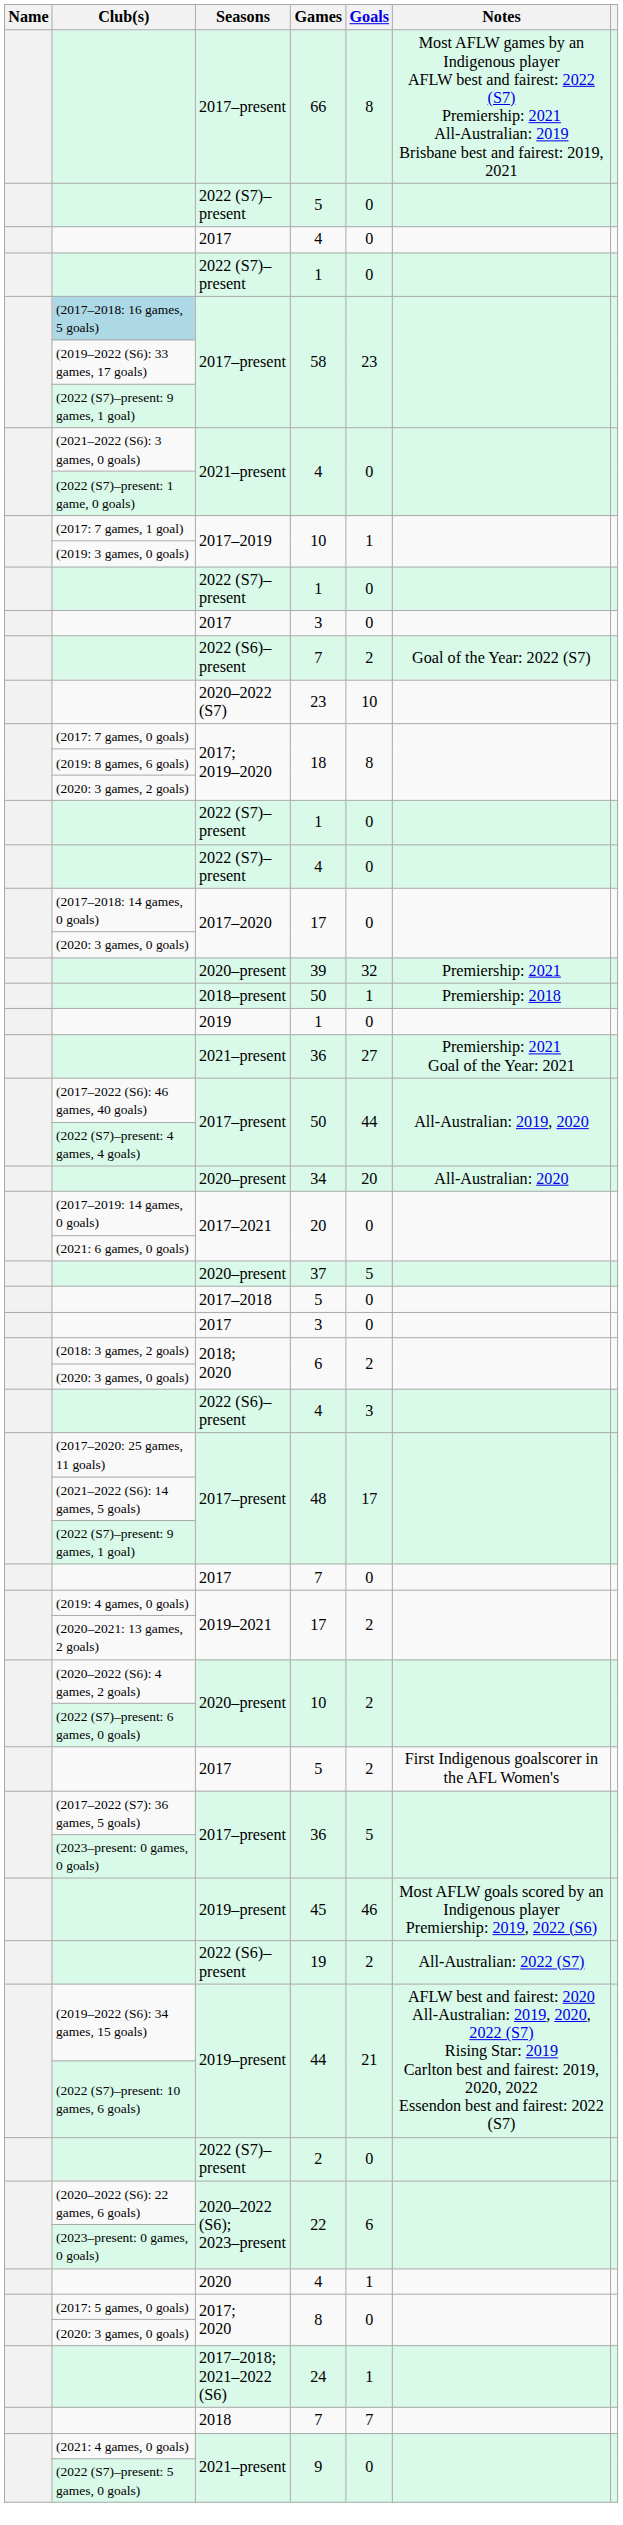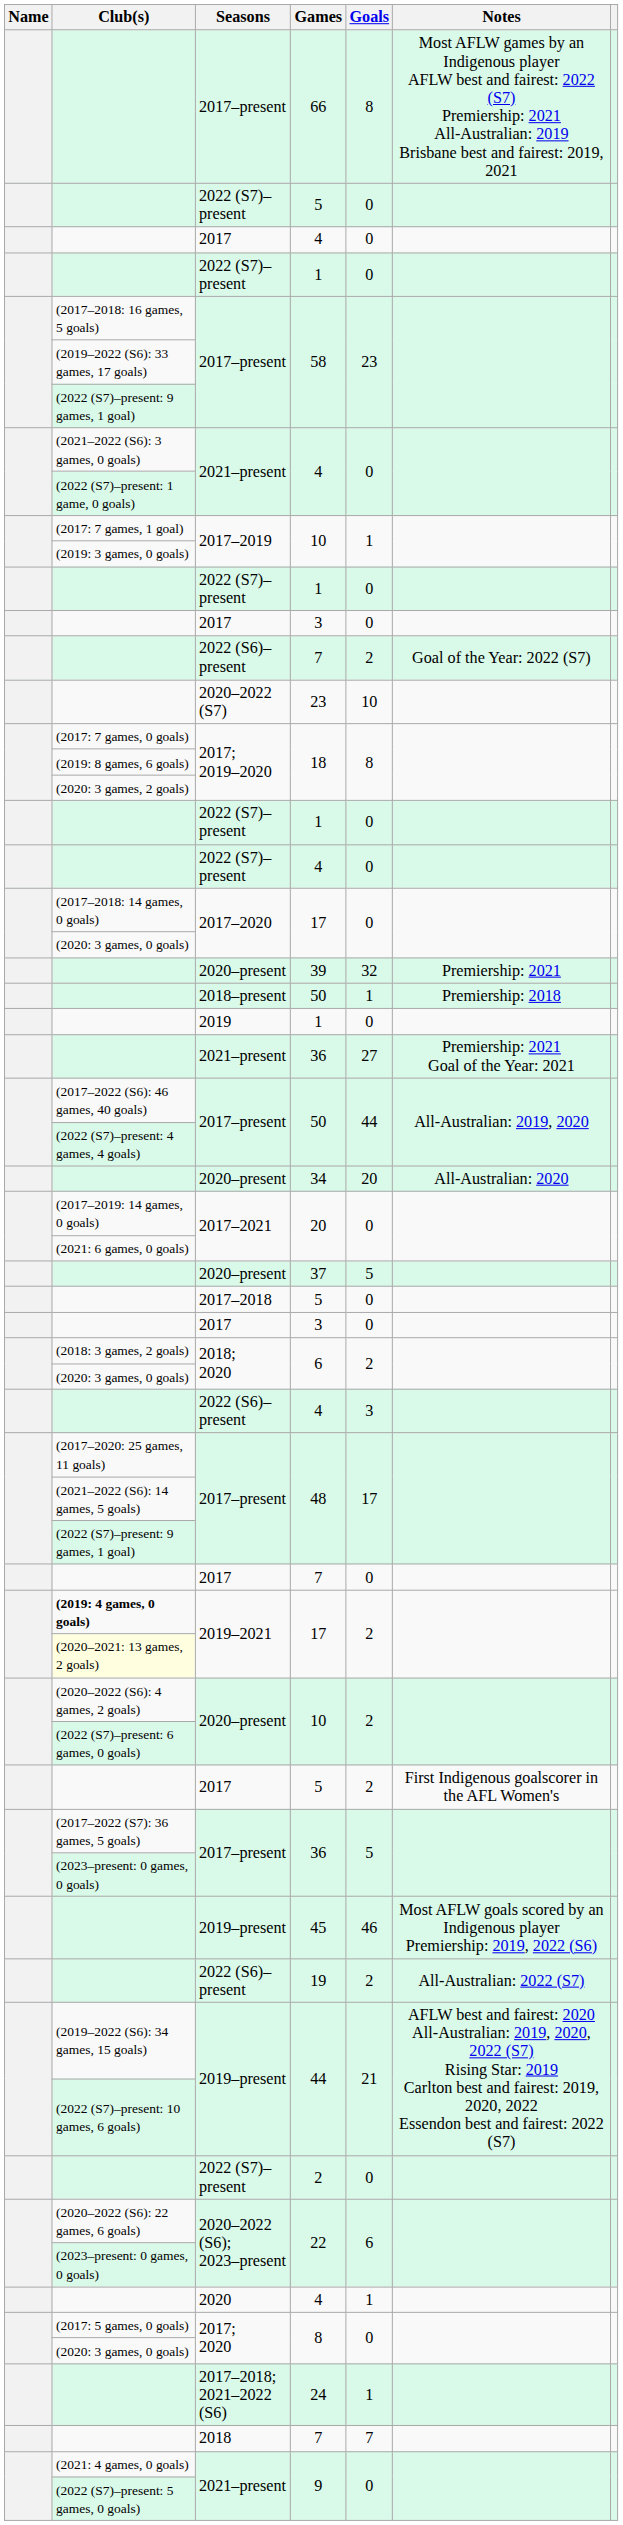 <table class="wikitable plainrowheaders sortable" style="text-align:center">
 <tr>
 <th scope="col">Name</th>
 <th scope="col">Club(s)</th>
 <th scope="col">Seasons</th>
 <th scope="col">Games</th>
 <th scope="col"><a href='#'>Goals</a></th>
 <th scope="col" class="unsortable">Notes</th>
 <th scope="col" class="unsortable"></th>
 </tr>
 <tr style="background:#D9F9E9;">
 <th scope="row"></th>
 <td align=left></td>
 <td align=left>2017–present</td>
 <td>66</td>
 <td>8</td>
 <td>Most AFLW games by an Indigenous player<br>AFLW best and fairest: <a href='#'>2022 (S7)</a><br>Premiership: <a href='#'>2021</a><br>All-Australian: <a href='#'>2019</a><br>Brisbane best and fairest: 2019, 2021</td>
 <td></td>
 </tr>
 <tr style="background:#D9F9E9;">
 <th scope="row"></th>
 <td align=left></td>
 <td align=left>2022 (S7)–present</td>
 <td>5</td>
 <td>0</td>
 <td></td>
 <td></td>
 </tr>
 <tr>
 <th scope="row"></th>
 <td align=left></td>
 <td align=left>2017</td>
 <td>4</td>
 <td>0</td>
 <td></td>
 <td></td>
 </tr>
 <tr style="background:#D9F9E9;">
 <th scope="row"></th>
 <td align=left></td>
 <td align=left>2022 (S7)–present</td>
 <td>1</td>
 <td>0</td>
 <td></td>
 <td></td>
 </tr>
 <tr>
 <th scope="row" rowspan="3"></th>
-<td align=left style="background: lightblue;"> <small>(2017–2018: 16 games, 5 goals)</small></td>
+<td align=left> <small>(2017–2018: 16 games, 5 goals)</small></td>
 <td style="background:#D9F9E9;" align=left rowspan="3">2017–present</td>
 <td style="background:#D9F9E9;" rowspan="3">58</td>
 <td style="background:#D9F9E9;" rowspan="3">23</td>
 <td style="background:#D9F9E9;" rowspan="3"></td>
 <td style="background:#D9F9E9;" rowspan="3"></td>
 </tr>
 <tr>
 <td align=left> <small>(2019–2022 (S6): 33 games, 17 goals)</small></td>
 </tr>
 <tr>
 <td style="background:#D9F9E9;" align=left> <small>(2022 (S7)–present: 9 games, 1 goal)</small></td>
 </tr>
 <tr>
 <th scope="row" rowspan="2"></th>
 <td align=left> <small>(2021–2022 (S6): 3 games, 0 goals)</small></td>
 <td style="background:#D9F9E9;" align=left rowspan="2">2021–present</td>
 <td style="background:#D9F9E9;" rowspan="2">4</td>
 <td style="background:#D9F9E9;" rowspan="2">0</td>
 <td style="background:#D9F9E9;" rowspan="2"></td>
 <td style="background:#D9F9E9;" rowspan="2"></td>
 </tr>
 <tr>
 <td style="background:#D9F9E9;" align=left> <small>(2022 (S7)–present: 1 game, 0 goals)</small></td>
 </tr>
 <tr>
 <th scope="row" rowspan="2"></th>
 <td align=left> <small>(2017: 7 games, 1 goal)</small></td>
 <td align=left rowspan="2">2017–2019</td>
 <td rowspan="2">10</td>
 <td rowspan="2">1</td>
 <td rowspan="2"></td>
 <td rowspan="2"></td>
 </tr>
 <tr>
 <td align=left> <small>(2019: 3 games, 0 goals)</small></td>
 </tr>
 <tr style="background:#D9F9E9;">
 <th scope="row"></th>
 <td align=left></td>
 <td align=left>2022 (S7)–present</td>
 <td>1</td>
 <td>0</td>
 <td></td>
 <td></td>
 </tr>
 <tr>
 <th scope="row"></th>
 <td align=left></td>
 <td align=left>2017</td>
 <td>3</td>
 <td>0</td>
 <td></td>
 <td></td>
 </tr>
 <tr style="background:#D9F9E9;">
 <th scope="row"></th>
 <td align=left></td>
 <td align=left>2022 (S6)–present</td>
 <td>7</td>
 <td>2</td>
 <td>Goal of the Year: 2022 (S7)</td>
 <td></td>
 </tr>
 <tr>
 <th scope="row"></th>
 <td align=left></td>
 <td align=left>2020–2022 (S7)</td>
 <td>23</td>
 <td>10</td>
 <td></td>
 <td></td>
 </tr>
 <tr>
 <th scope="row" rowspan="3"></th>
 <td align=left> <small>(2017: 7 games, 0 goals)</small></td>
 <td align=left rowspan="3">2017;<br>2019–2020</td>
 <td rowspan="3">18</td>
 <td rowspan="3">8</td>
 <td rowspan="3"></td>
 <td rowspan="3"></td>
 </tr>
 <tr>
 <td align=left> <small>(2019: 8 games, 6 goals)</small></td>
 </tr>
 <tr>
 <td align=left> <small>(2020: 3 games, 2 goals)</small></td>
 </tr>
 <tr style="background:#D9F9E9;">
 <th scope="row"></th>
 <td align=left></td>
 <td align=left>2022 (S7)–present</td>
 <td>1</td>
 <td>0</td>
 <td></td>
 <td></td>
 </tr>
 <tr style="background:#D9F9E9;">
 <th scope="row"></th>
 <td align=left></td>
 <td align=left>2022 (S7)–present</td>
 <td>4</td>
 <td>0</td>
 <td></td>
 <td></td>
 </tr>
 <tr>
 <th scope="row" rowspan="2"></th>
 <td align=left> <small>(2017–2018: 14 games, 0 goals)</small></td>
 <td align=left rowspan="2">2017–2020</td>
 <td rowspan="2">17</td>
 <td rowspan="2">0</td>
 <td rowspan="2"></td>
 <td rowspan="2"></td>
 </tr>
 <tr>
 <td align=left> <small>(2020: 3 games, 0 goals)</small></td>
 </tr>
 <tr style="background:#D9F9E9;">
 <th scope="row"></th>
 <td align=left></td>
 <td align=left>2020–present</td>
 <td>39</td>
 <td>32</td>
 <td>Premiership: <a href='#'>2021</a></td>
 <td></td>
 </tr>
 <tr style="background:#D9F9E9;">
 <th scope="row"></th>
 <td align=left></td>
 <td align=left>2018–present</td>
 <td>50</td>
 <td>1</td>
 <td>Premiership: <a href='#'>2018</a></td>
 <td></td>
 </tr>
 <tr>
 <th scope="row"></th>
 <td align=left></td>
 <td align=left>2019</td>
 <td>1</td>
 <td>0</td>
 <td></td>
 <td></td>
 </tr>
 <tr style="background:#D9F9E9;">
 <th scope="row"></th>
 <td align=left></td>
 <td align=left>2021–present</td>
 <td>36</td>
 <td>27</td>
 <td>Premiership: <a href='#'>2021</a><br>Goal of the Year: 2021</td>
 <td></td>
 </tr>
 <tr>
 <th scope="row" rowspan="2"></th>
 <td align=left> <small>(2017–2022 (S6): 46 games, 40 goals)</small></td>
 <td style="background:#D9F9E9;" align=left rowspan="2">2017–present</td>
 <td style="background:#D9F9E9;" rowspan="2">50</td>
 <td style="background:#D9F9E9;" rowspan="2">44</td>
 <td style="background:#D9F9E9;" rowspan="2">All-Australian: <a href='#'>2019</a>, <a href='#'>2020</a></td>
 <td style="background:#D9F9E9;" rowspan="2"></td>
 </tr>
 <tr>
 <td style="background:#D9F9E9;" align=left> <small>(2022 (S7)–present: 4 games, 4 goals)</small></td>
 </tr>
 <tr style="background:#D9F9E9;">
 <th scope="row"></th>
 <td align=left></td>
 <td align=left>2020–present</td>
 <td>34</td>
 <td>20</td>
 <td>All-Australian: <a href='#'>2020</a></td>
 <td></td>
 </tr>
 <tr>
 <th scope="row" rowspan="2"></th>
 <td align=left> <small>(2017–2019: 14 games, 0 goals)</small></td>
 <td align=left rowspan="2">2017–2021</td>
 <td rowspan="2">20</td>
 <td rowspan="2">0</td>
 <td rowspan="2"></td>
 <td rowspan="2"></td>
 </tr>
 <tr>
 <td align=left> <small>(2021: 6 games, 0 goals)</small></td>
 </tr>
 <tr style="background:#D9F9E9;">
 <th scope="row"></th>
 <td align=left></td>
 <td align=left>2020–present</td>
 <td>37</td>
 <td>5</td>
 <td></td>
 <td></td>
 </tr>
 <tr>
 <th scope="row"></th>
 <td align=left></td>
 <td align=left>2017–2018</td>
 <td>5</td>
 <td>0</td>
 <td></td>
 <td></td>
 </tr>
 <tr>
 <th scope="row"></th>
 <td align=left></td>
 <td align=left>2017</td>
 <td>3</td>
 <td>0</td>
 <td></td>
 <td></td>
 </tr>
 <tr>
 <th scope="row" rowspan="2"></th>
 <td align=left> <small>(2018: 3 games, 2 goals)</small></td>
 <td align=left rowspan="2">2018;<br>2020</td>
 <td rowspan="2">6</td>
 <td rowspan="2">2</td>
 <td rowspan="2"></td>
 <td rowspan="2"></td>
 </tr>
 <tr>
 <td align=left> <small>(2020: 3 games, 0 goals)</small></td>
 </tr>
 <tr style="background:#D9F9E9;">
 <th scope="row"></th>
 <td align=left></td>
 <td align=left>2022 (S6)–present</td>
 <td>4</td>
 <td>3</td>
 <td></td>
 <td></td>
 </tr>
 <tr>
 <th scope="row" rowspan="3"></th>
 <td align=left> <small>(2017–2020: 25 games, 11 goals)</small></td>
 <td align=left style="background:#D9F9E9;" rowspan="3">2017–present</td>
 <td style="background:#D9F9E9;" rowspan="3">48</td>
 <td style="background:#D9F9E9;" rowspan="3">17</td>
 <td style="background:#D9F9E9;" rowspan="3"></td>
 <td style="background:#D9F9E9;" rowspan="3"></td>
 </tr>
 <tr>
 <td align=left> <small>(2021–2022 (S6): 14 games, 5 goals)</small></td>
 </tr>
 <tr>
 <td align=left style="background:#D9F9E9;"> <small>(2022 (S7)–present: 9 games, 1 goal)</small></td>
 </tr>
 <tr>
 <th scope="row"></th>
 <td align=left></td>
 <td align=left>2017</td>
 <td>7</td>
 <td>0</td>
 <td></td>
 <td></td>
 </tr>
 <tr>
 <th scope="row" rowspan="2"></th>
-<td align=left> <small>(2019: 4 games, 0 goals)</small></td>
+<td align=left><strong> <small>(2019: 4 games, 0 goals)</small></strong></td>
 <td align=left rowspan="2">2019–2021</td>
 <td rowspan="2">17</td>
 <td rowspan="2">2</td>
 <td rowspan="2"></td>
 <td rowspan="2"></td>
 </tr>
 <tr>
-<td align=left> <small>(2020–2021: 13 games, 2 goals)</small></td>
+<td align=left style="background: lightyellow;"> <small>(2020–2021: 13 games, 2 goals)</small></td>
 </tr>
 <tr>
 <th scope="row" rowspan="2"></th>
 <td align=left> <small>(2020–2022 (S6): 4 games, 2 goals)</small></td>
 <td align=left style="background:#D9F9E9;" rowspan="2">2020–present</td>
 <td style="background:#D9F9E9;" rowspan="2">10</td>
 <td style="background:#D9F9E9;" rowspan="2">2</td>
 <td style="background:#D9F9E9;" rowspan="2"></td>
 <td style="background:#D9F9E9;" rowspan="2"></td>
 </tr>
 <tr>
 <td align=left style="background:#D9F9E9;"> <small>(2022 (S7)–present: 6 games, 0 goals)</small></td>
 </tr>
 <tr>
 <th scope="row"></th>
 <td align=left></td>
 <td align=left>2017</td>
 <td>5</td>
 <td>2</td>
 <td>First Indigenous goalscorer in the AFL Women's</td>
 <td></td>
 </tr>
 <tr>
 <th scope="row" rowspan="2"></th>
 <td align=left> <small>(2017–2022 (S7): 36 games, 5 goals)</small></td>
 <td align=left style="background:#D9F9E9;" rowspan="2">2017–present</td>
 <td style="background:#D9F9E9;" rowspan="2">36</td>
 <td style="background:#D9F9E9;" rowspan="2">5</td>
 <td style="background:#D9F9E9;" rowspan="2"></td>
 <td style="background:#D9F9E9;" rowspan="2"></td>
 </tr>
 <tr>
 <td align=left style="background:#D9F9E9;"> <small>(2023–present: 0 games, 0 goals)</small></td>
 </tr>
 <tr style="background:#D9F9E9;">
 <th scope="row"></th>
 <td align=left></td>
 <td align=left>2019–present</td>
 <td>45</td>
 <td>46</td>
 <td>Most AFLW goals scored by an Indigenous player<br>Premiership: <a href='#'>2019</a>, <a href='#'>2022 (S6)</a></td>
 <td></td>
 </tr>
 <tr style="background:#D9F9E9;">
 <th scope="row"></th>
 <td align=left></td>
 <td align=left>2022 (S6)–present</td>
 <td>19</td>
 <td>2</td>
 <td>All-Australian: <a href='#'>2022 (S7)</a></td>
 <td></td>
 </tr>
 <tr>
 <th scope="row" rowspan="2"></th>
 <td align=left> <small>(2019–2022 (S6): 34 games, 15 goals)</small></td>
 <td align=left style="background:#D9F9E9;" rowspan="2">2019–present</td>
 <td style="background:#D9F9E9;" rowspan="2">44</td>
 <td style="background:#D9F9E9;" rowspan="2">21</td>
 <td style="background:#D9F9E9;" rowspan="2">AFLW best and fairest: <a href='#'>2020</a><br>All-Australian: <a href='#'>2019</a>, <a href='#'>2020</a>, <a href='#'>2022 (S7)</a><br>Rising Star: <a href='#'>2019</a><br>Carlton best and fairest: 2019, 2020, 2022<br>Essendon best and fairest: 2022 (S7)</td>
 <td style="background:#D9F9E9;" rowspan="2"></td>
 </tr>
 <tr>
 <td align=left style="background:#D9F9E9;"> <small>(2022 (S7)–present: 10 games, 6 goals)</small></td>
 </tr>
 <tr style="background:#D9F9E9;">
 <th scope="row"></th>
 <td align=left></td>
 <td align=left>2022 (S7)–present</td>
 <td>2</td>
 <td>0</td>
 <td></td>
 <td></td>
 </tr>
 <tr>
 <th scope="row" rowspan="2"></th>
 <td align=left> <small>(2020–2022 (S6): 22 games, 6 goals)</small></td>
 <td align=left style="background:#D9F9E9;" rowspan="2">2020–2022 (S6);<br>2023–present</td>
 <td style="background:#D9F9E9;" rowspan="2">22</td>
 <td style="background:#D9F9E9;" rowspan="2">6</td>
 <td style="background:#D9F9E9;" rowspan="2"></td>
 <td style="background:#D9F9E9;" rowspan="2"></td>
 </tr>
 <tr>
 <td align=left style="background:#D9F9E9;"> <small>(2023–present: 0 games, 0 goals)</small></td>
 </tr>
 <tr>
 <th scope="row"></th>
 <td align=left></td>
 <td align=left>2020</td>
 <td>4</td>
 <td>1</td>
 <td></td>
 <td></td>
 </tr>
 <tr>
 <th scope="row" rowspan="2"></th>
 <td align=left> <small>(2017: 5 games, 0 goals)</small></td>
 <td align=left rowspan="2">2017;<br>2020</td>
 <td rowspan="2">8</td>
 <td rowspan="2">0</td>
 <td rowspan="2"></td>
 <td rowspan="2"></td>
 </tr>
 <tr>
 <td align=left> <small>(2020: 3 games, 0 goals)</small></td>
 </tr>
 <tr style="background:#D9F9E9;">
 <th scope="row"></th>
 <td align=left></td>
 <td align=left>2017–2018;<br>2021–2022 (S6)</td>
 <td>24</td>
 <td>1</td>
 <td></td>
 <td></td>
 </tr>
 <tr>
 <th scope="row"></th>
 <td align=left></td>
 <td align=left>2018</td>
 <td>7</td>
 <td>7</td>
 <td></td>
 <td></td>
 </tr>
 <tr>
 <th scope="row" rowspan="2"></th>
 <td align=left> <small>(2021: 4 games, 0 goals)</small></td>
 <td align=left style="background:#D9F9E9;" rowspan="2">2021–present</td>
 <td style="background:#D9F9E9;" rowspan="2">9</td>
 <td style="background:#D9F9E9;" rowspan="2">0</td>
 <td style="background:#D9F9E9;" rowspan="2"></td>
 <td style="background:#D9F9E9;" rowspan="2"></td>
 </tr>
 <tr>
 <td align=left style="background:#D9F9E9;"> <small>(2022 (S7)–present: 5 games, 0 goals)</small></td>
 </tr>
 </table>
